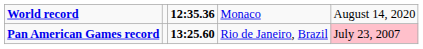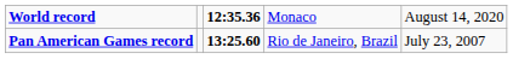 <table class="wikitable">
 <tr>
 <td><strong><a href='#'>World record</a></strong></td>
 <td></td>
 <td><strong>12:35.36</strong></td>
 <td><a href='#'>Monaco</a></td>
 <td>August 14, 2020</td>
 </tr>
 <tr>
 <td><strong><a href='#'>Pan American Games record</a></strong></td>
 <td></td>
 <td><strong>13:25.60</strong></td>
 <td><a href='#'>Rio de Janeiro</a>, <a href='#'>Brazil</a></td>
-<td style="background: pink;">July 23, 2007</td>
+<td>July 23, 2007</td>
 </tr>
 </table>
